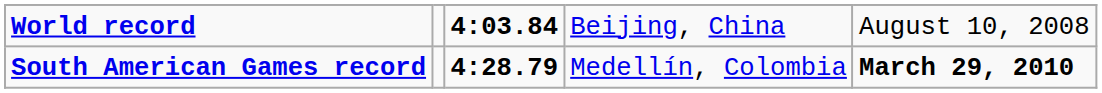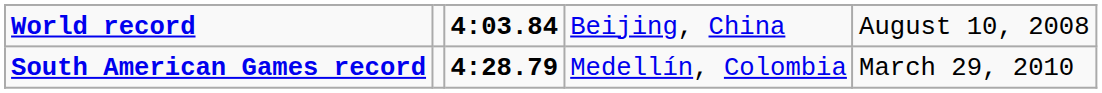 <table class="wikitable">
 <tr>
 <td><strong><a href='#'>World record</a></strong></td>
 <td></td>
 <td><strong>4:03.84</strong></td>
 <td><a href='#'>Beijing</a>, <a href='#'>China</a></td>
 <td>August 10, 2008</td>
 </tr>
 <tr>
 <td><strong><a href='#'>South American Games record</a></strong></td>
 <td></td>
 <td><strong>4:28.79</strong></td>
 <td><a href='#'>Medellín</a>, <a href='#'>Colombia</a></td>
-<td><strong>March 29, 2010</strong></td>
+<td>March 29, 2010</td>
 </tr>
 </table>
